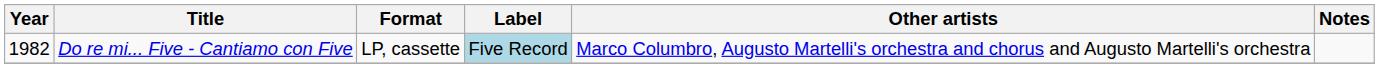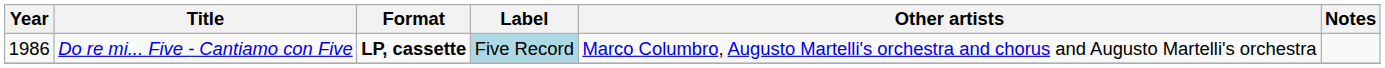 <table class=wikitable>
 <tr>
 <th>Year</th>
 <th>Title</th>
 <th>Format</th>
 <th>Label</th>
 <th>Other artists</th>
 <th>Notes</th>
 </tr>
 <tr>
-<td>1982</td>
+<td>1986</td>
 <td><em><a href='#'>Do re mi... Five - Cantiamo con Five</a></em></td>
-<td>LP, cassette</td>
+<td><strong>LP, cassette</strong></td>
 <td style="background: lightblue;">Five Record</td>
 <td><a href='#'>Marco Columbro</a>, <a href='#'>Augusto Martelli's orchestra and chorus</a> and Augusto Martelli's orchestra</td>
 <td></td>
 </tr>
 <tr>
 </tr>
 </table>
